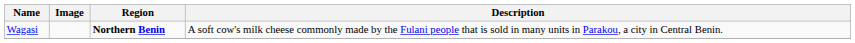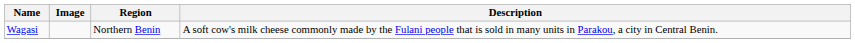 <table class="wikitable sortable" style="width:100%">
 <tr>
 <th>Name</th>
 <th class="unsortable">Image</th>
 <th>Region</th>
 <th>Description</th>
 </tr>
 <tr>
 <td><a href='#'>Wagasi</a></td>
 <td></td>
-<td><strong>Northern <a href='#'>Benin</a></strong></td>
+<td>Northern <a href='#'>Benin</a></td>
 <td>A soft cow's milk cheese commonly made by the <a href='#'>Fulani people</a> that is sold in many units in <a href='#'>Parakou</a>, a city in Central Benin.</td>
 </tr>
 <tr>
 </tr>
 </table>
